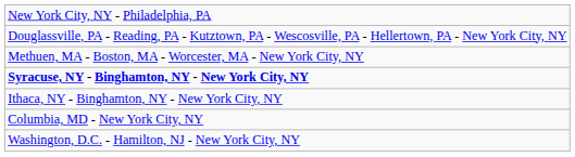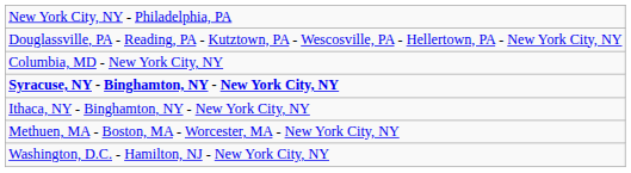 <table class="wikitable">
 <tr>
 <td><a href='#'>New York City, NY</a> - <a href='#'>Philadelphia, PA</a></td>
 </tr>
 <tr>
 <td><a href='#'>Douglassville, PA</a> - <a href='#'>Reading, PA</a> - <a href='#'>Kutztown, PA</a> - <a href='#'>Wescosville, PA</a> - <a href='#'>Hellertown, PA</a> - <a href='#'>New York City, NY</a></td>
 </tr>
 <tr>
-<td><a href='#'>Methuen, MA</a> - <a href='#'>Boston, MA</a> - <a href='#'>Worcester, MA</a> - <a href='#'>New York City, NY</a></td>
+<td><a href='#'>Columbia, MD</a> - <a href='#'>New York City, NY</a></td>
 </tr>
 <tr>
 <td><strong><a href='#'>Syracuse, NY</a> - <a href='#'>Binghamton, NY</a> - <a href='#'>New York City, NY</a></strong></td>
 </tr>
 <tr>
 <td><a href='#'>Ithaca, NY</a> - <a href='#'>Binghamton, NY</a> - <a href='#'>New York City, NY</a></td>
 </tr>
 <tr>
-<td><a href='#'>Columbia, MD</a> - <a href='#'>New York City, NY</a></td>
+<td><a href='#'>Methuen, MA</a> - <a href='#'>Boston, MA</a> - <a href='#'>Worcester, MA</a> - <a href='#'>New York City, NY</a></td>
 </tr>
 <tr>
 <td><a href='#'>Washington, D.C.</a> - <a href='#'>Hamilton, NJ</a> - <a href='#'>New York City, NY</a></td>
 </tr>
 </table>
